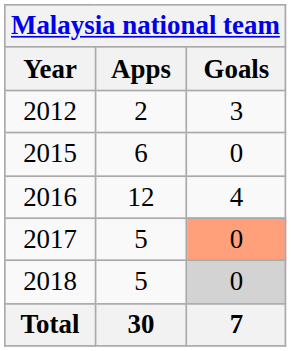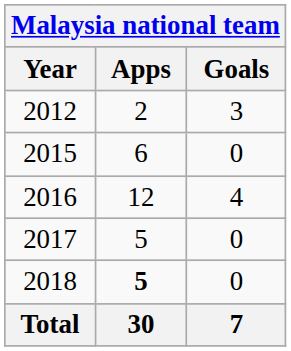 <table class="wikitable" style="text-align:center">
 <tr>
 <th colspan=3><a href='#'>Malaysia national team</a></th>
 </tr>
 <tr>
 <th>Year</th>
 <th>Apps</th>
 <th>Goals</th>
 </tr>
 <tr>
 <td>2012</td>
 <td>2</td>
 <td>3</td>
 </tr>
 <tr>
 <td>2015</td>
 <td>6</td>
 <td>0</td>
 </tr>
 <tr>
 <td>2016</td>
 <td>12</td>
 <td>4</td>
 </tr>
 <tr>
 <td>2017</td>
 <td>5</td>
-<td style="background: lightsalmon;">0</td>
+<td>0</td>
 </tr>
 <tr>
 <td>2018</td>
-<td>5</td>
-<td style="background: lightgrey;">0</td>
+<td><strong>5</strong></td>
+<td>0</td>
 </tr>
 <tr>
 <th>Total</th>
 <th>30</th>
 <th>7</th>
 </tr>
 </table>
